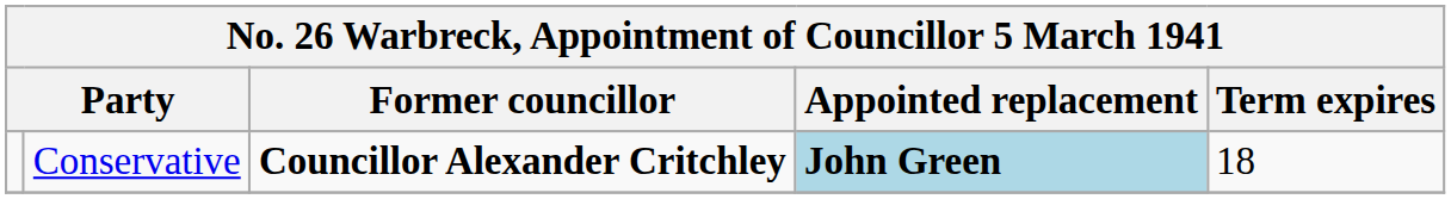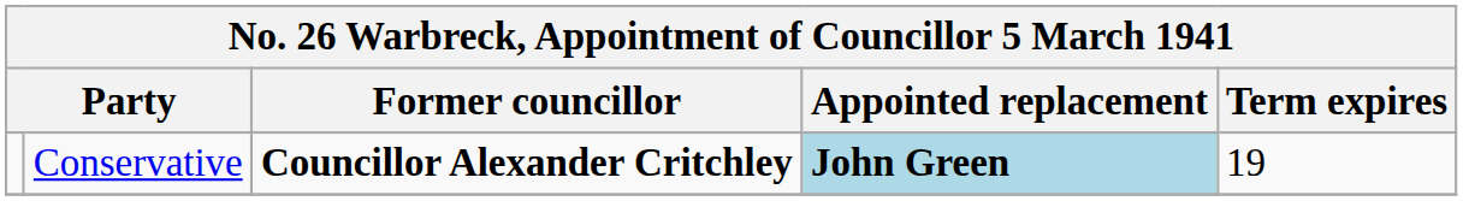 <table class="wikitable">
 <tr>
 <th colspan="5"><strong>No. 26 Warbreck, Appointment of Councillor 5 March 1941</strong></th>
 </tr>
 <tr>
 <th colspan="2">Party</th>
 <th>Former councillor</th>
 <th>Appointed replacement</th>
 <th>Term expires</th>
 </tr>
 <tr>
 <td style="background-color:"></td>
 <td><a href='#'>Conservative</a></td>
 <td><strong>Councillor Alexander Critchley</strong></td>
 <td style="background: lightblue;"><strong>John Green</strong></td>
-<td>18</td>
+<td>19</td>
 </tr>
 <tr>
 </tr>
 </table>
